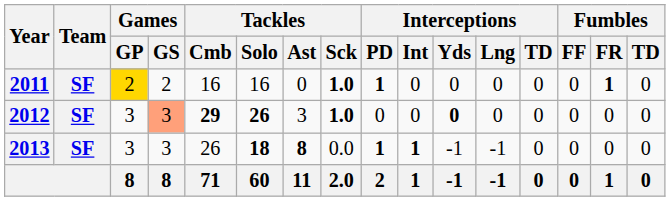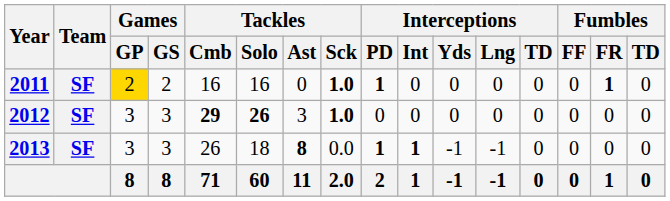 <table class="wikitable" style="text-align:center;">
 <tr>
 <th rowspan="2">Year</th>
 <th rowspan="2">Team</th>
 <th colspan="2">Games</th>
 <th colspan="4">Tackles</th>
 <th colspan="5">Interceptions</th>
 <th colspan="3">Fumbles</th>
 </tr>
 <tr>
 <th>GP</th>
 <th>GS</th>
 <th>Cmb</th>
 <th>Solo</th>
 <th>Ast</th>
 <th>Sck</th>
 <th>PD</th>
 <th>Int</th>
 <th>Yds</th>
 <th>Lng</th>
 <th>TD</th>
 <th>FF</th>
 <th>FR</th>
 <th>TD</th>
 </tr>
 <tr>
 <th><a href='#'>2011</a></th>
 <th><a href='#'>SF</a></th>
 <td style="background: gold;">2</td>
 <td>2</td>
 <td>16</td>
 <td>16</td>
 <td>0</td>
 <td><strong>1.0</strong></td>
 <td><strong>1</strong></td>
 <td>0</td>
 <td>0</td>
 <td>0</td>
 <td>0</td>
 <td>0</td>
 <td><strong>1</strong></td>
 <td>0</td>
 </tr>
 <tr>
 <th><a href='#'>2012</a></th>
 <th><a href='#'>SF</a></th>
 <td>3</td>
-<td style="background: lightsalmon;">3</td>
+<td>3</td>
 <td><strong>29</strong></td>
 <td><strong>26</strong></td>
 <td>3</td>
 <td><strong>1.0</strong></td>
 <td>0</td>
 <td>0</td>
-<td><strong>0</strong></td>
+<td>0</td>
 <td>0</td>
 <td>0</td>
 <td>0</td>
 <td>0</td>
 <td>0</td>
 </tr>
 <tr>
 <th><a href='#'>2013</a></th>
 <th><a href='#'>SF</a></th>
 <td>3</td>
 <td>3</td>
 <td>26</td>
-<td><strong>18</strong></td>
+<td>18</td>
 <td><strong>8</strong></td>
 <td>0.0</td>
 <td><strong>1</strong></td>
 <td><strong>1</strong></td>
 <td>-1</td>
 <td>-1</td>
 <td>0</td>
 <td>0</td>
 <td>0</td>
 <td>0</td>
 </tr>
 <tr>
 <th colspan="2"></th>
 <th>8</th>
 <th>8</th>
 <th>71</th>
 <th>60</th>
 <th>11</th>
 <th>2.0</th>
 <th>2</th>
 <th>1</th>
 <th>-1</th>
 <th>-1</th>
 <th>0</th>
 <th>0</th>
 <th>1</th>
 <th>0</th>
 </tr>
 </table>
